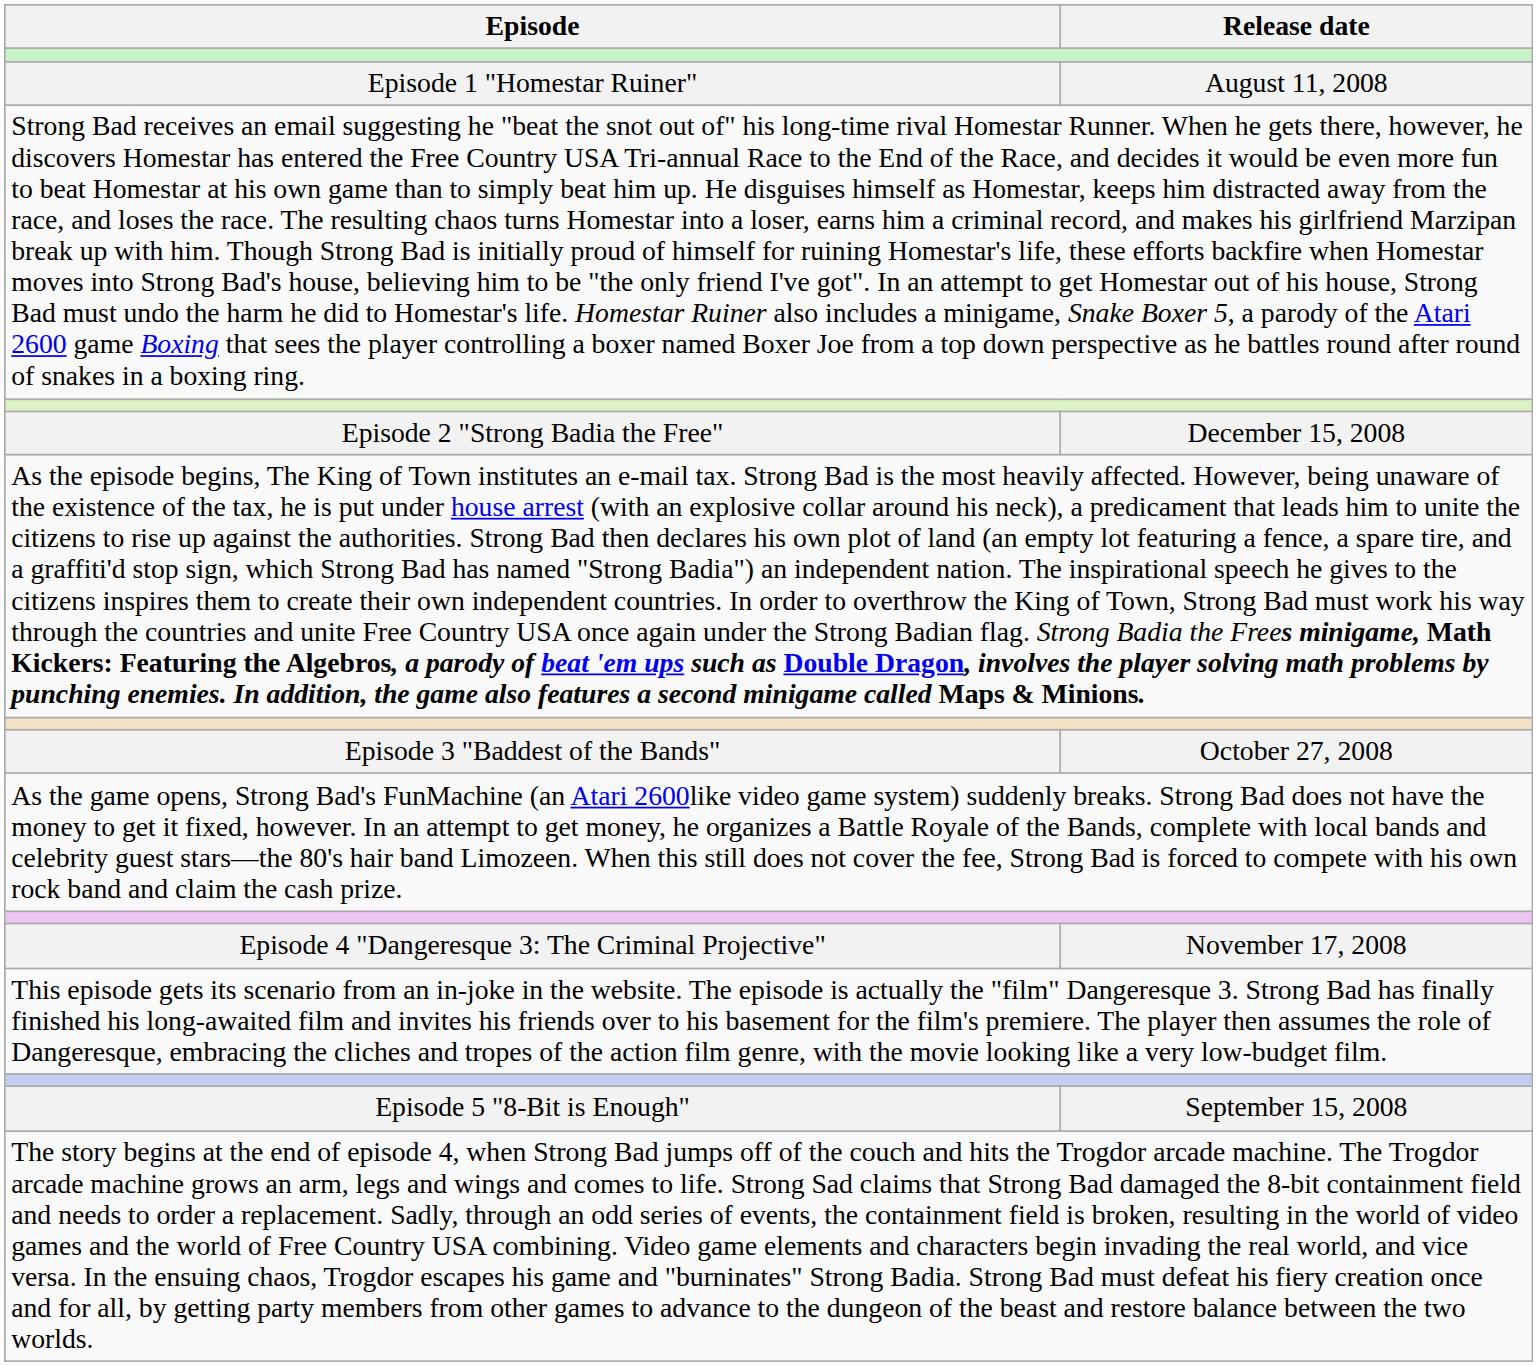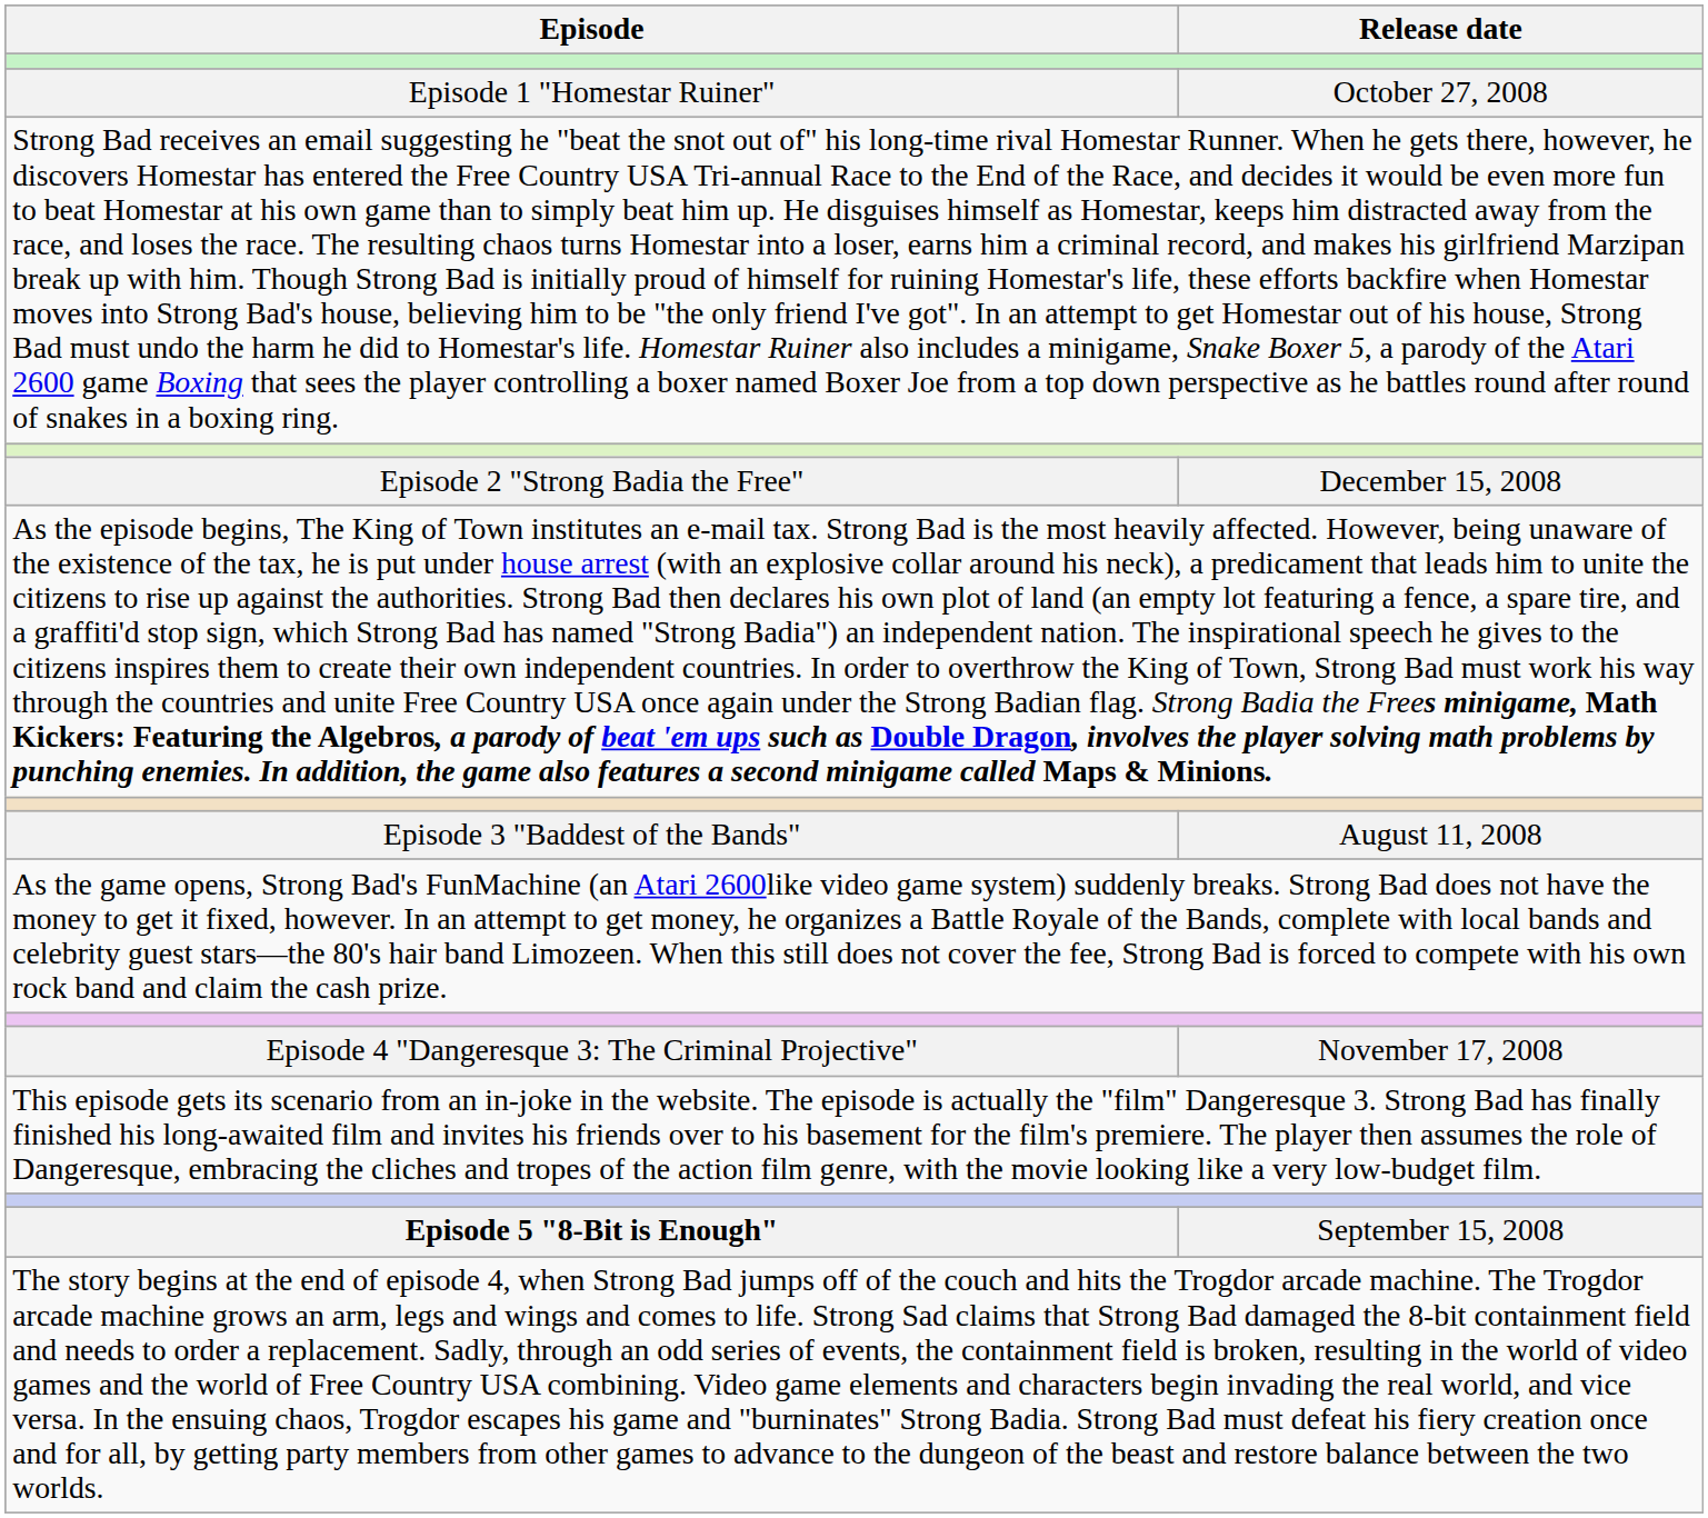 <table class="wikitable" width="100%">
 <tr style="text-align: center;">
 <th>Episode</th>
 <th>Release date</th>
 </tr>
 <tr>
 <td colspan="2" bgcolor="#C5F3C6"></td>
 </tr>
 <tr bgcolor="#F2F2F2" align="center">
 <td>Episode 1  "Homestar Ruiner"</td>
-<td>August 11, 2008</td>
+<td>October 27, 2008</td>
 </tr>
 <tr>
 <td colspan="2" style="border: none; vertical-align: top;">Strong Bad receives an email suggesting he "beat the snot out of" his long-time rival Homestar Runner. When he gets there, however, he discovers Homestar has entered the Free Country USA Tri-annual Race to the End of the Race, and decides it would be even more fun to beat Homestar at his own game than to simply beat him up. He disguises himself as Homestar, keeps him distracted away from the race, and loses the race. The resulting chaos turns Homestar into a loser, earns him a criminal record, and makes his girlfriend Marzipan break up with him. Though Strong Bad is initially proud of himself for ruining Homestar's life, these efforts backfire when Homestar moves into Strong Bad's house, believing him to be "the only friend I've got". In an attempt to get Homestar out of his house, Strong Bad must undo the harm he did to Homestar's life. <em>Homestar Ruiner</em> also includes a minigame, <em>Snake Boxer 5</em>, a parody of the <a href='#'>Atari 2600</a> game <em><a href='#'>Boxing</a></em> that sees the player controlling a boxer named Boxer Joe from a top down perspective as he battles round after round of snakes in a boxing ring.</td>
 </tr>
 <tr>
 <td colspan="2" bgcolor="#DDF3C5"></td>
 </tr>
 <tr bgcolor="#F2F2F2" align="center">
 <td>Episode 2  "Strong Badia the Free"</td>
 <td>December 15, 2008</td>
 </tr>
 <tr>
 <td colspan="2" style="border: none; vertical-align: top;">As the episode begins, The King of Town institutes an e-mail tax. Strong Bad is the most heavily affected. However, being unaware of the existence of the tax, he is put under <a href='#'>house arrest</a> (with an explosive collar around his neck), a predicament that leads him to unite the citizens to rise up against the authorities. Strong Bad then declares his own plot of land (an empty lot featuring a fence, a spare tire, and a graffiti'd stop sign, which Strong Bad has named "Strong Badia") an independent nation. The inspirational speech he gives to the citizens inspires them to create their own independent countries. In order to overthrow the King of Town, Strong Bad must work his way through the countries and unite Free Country USA once again under the Strong Badian flag. <em>Strong Badia the Free<strong>s minigame, </em>Math Kickers: Featuring the Algebros<em>, a parody of <a href='#'>beat 'em ups</a> such as </em><a href='#'>Double Dragon</a><em>, involves the player solving math problems by punching enemies. In addition, the game also features a second minigame called </em>Maps & Minions<em>.</td>
 </tr>
 <tr>
 <td colspan="2" bgcolor="#F3E1C5"></td>
 </tr>
 <tr bgcolor="#F2F2F2" align="center">
 <td>Episode 3  "Baddest of the Bands"</td>
-<td>October 27, 2008</td>
+<td>August 11, 2008</td>
 </tr>
 <tr>
 <td colspan="2" style="border: none; vertical-align: top;">As the game opens, Strong Bad's FunMachine (an <a href='#'>Atari 2600</a>like video game system) suddenly breaks. Strong Bad does not have the money to get it fixed, however. In an attempt to get money, he organizes a Battle Royale of the Bands, complete with local bands and celebrity guest stars—the 80's hair band Limozeen. When this still does not cover the fee, Strong Bad is forced to compete with his own rock band and claim the cash prize.</td>
 </tr>
 <tr>
 <td colspan="2" bgcolor="#ECC5F3"></td>
 </tr>
 <tr bgcolor="#F2F2F2" align="center">
 <td>Episode 4  "Dangeresque 3: The Criminal Projective"</td>
 <td>November 17, 2008</td>
 </tr>
 <tr>
 <td colspan="2" style="border: none; vertical-align: top;">This episode gets its scenario from an in-joke in the website. The episode is actually the "film" Dangeresque 3. Strong Bad has finally finished his long-awaited film and invites his friends over to his basement for the film's premiere. The player then assumes the role of Dangeresque, embracing the cliches and tropes of the action film genre, with the movie looking like a very low-budget film.</td>
 </tr>
 <tr>
 <td colspan="2" bgcolor="#C5CDF3"></td>
 </tr>
 <tr bgcolor="#F2F2F2" align="center">
-<td>Episode 5  "8-Bit is Enough"</td>
+<td><strong>Episode 5  "8-Bit is Enough"</strong></td>
 <td>September 15, 2008</td>
 </tr>
 <tr>
 <td colspan="2" style="border: none; vertical-align: top;">The story begins at the end of episode 4, when Strong Bad jumps off of the couch and hits the Trogdor arcade machine. The Trogdor arcade machine grows an arm, legs and wings and comes to life. Strong Sad claims that Strong Bad damaged the 8-bit containment field and needs to order a replacement. Sadly, through an odd series of events, the containment field is broken, resulting in the world of video games and the world of Free Country USA combining. Video game elements and characters begin invading the real world, and vice versa. In the ensuing chaos, Trogdor escapes his game and "burninates" Strong Badia. Strong Bad must defeat his fiery creation once and for all, by getting party members from other games to advance to the dungeon of the beast and restore balance between the two worlds.</td>
 </tr>
 </table>
